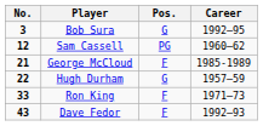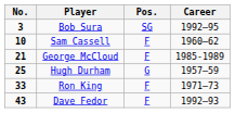 <table class="wikitable sortable" style="text-align:center">
 <tr>
 <th width=40px>No.</th>
 <th width=120px>Player</th>
 <th width=60px>Pos.</th>
 <th width=80px>Career</th>
 </tr>
 <tr>
 <td><strong>3</strong></td>
 <td><a href='#'>Bob Sura</a></td>
-<td><a href='#'>G</a></td>
+<td><a href='#'>SG</a></td>
 <td>1992–95</td>
 </tr>
 <tr>
-<td><strong>12</strong></td>
+<td><strong>10</strong></td>
 <td><a href='#'>Sam Cassell</a></td>
-<td><a href='#'>PG</a></td>
+<td><a href='#'>F</a></td>
 <td>1960–62</td>
 </tr>
 <tr>
 <td><strong>21</strong></td>
 <td><a href='#'>George McCloud</a></td>
 <td><a href='#'>F</a></td>
 <td>1985-1989</td>
 </tr>
 <tr>
-<td><strong>22</strong></td>
+<td><strong>25</strong></td>
 <td><a href='#'>Hugh Durham</a></td>
 <td><a href='#'>G</a></td>
 <td>1957–59</td>
 </tr>
 <tr>
 <td><strong>33</strong></td>
 <td><a href='#'>Ron King</a></td>
 <td><a href='#'>F</a></td>
 <td>1971–73</td>
 </tr>
 <tr>
 <td><strong>43</strong></td>
 <td><a href='#'>Dave Fedor</a></td>
 <td><a href='#'>F</a></td>
 <td>1992–93</td>
 </tr>
 </table>
